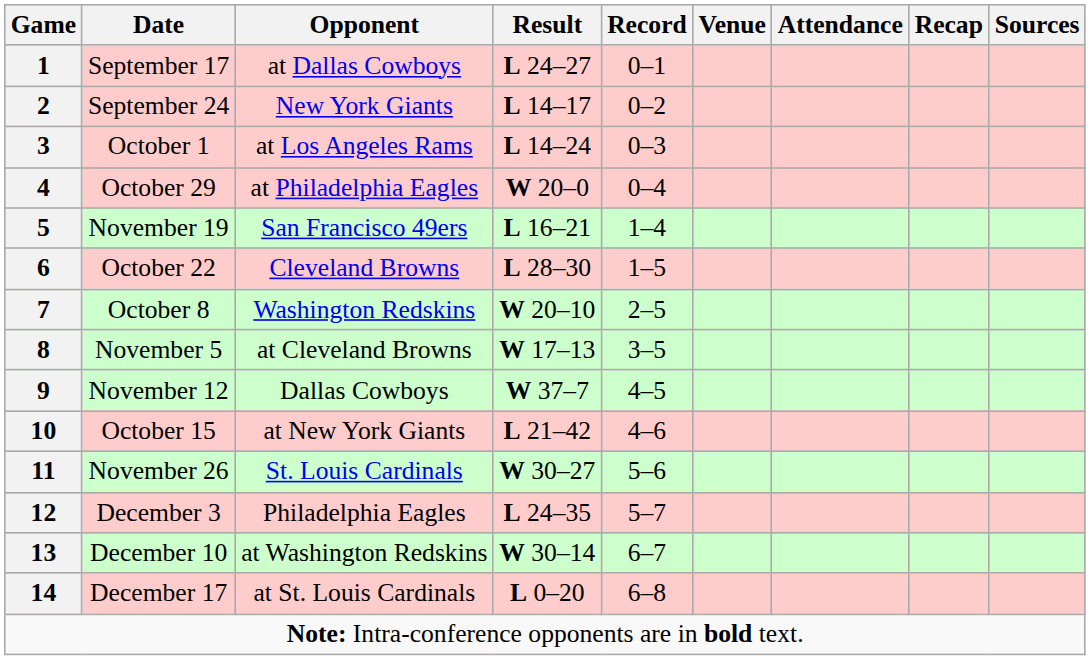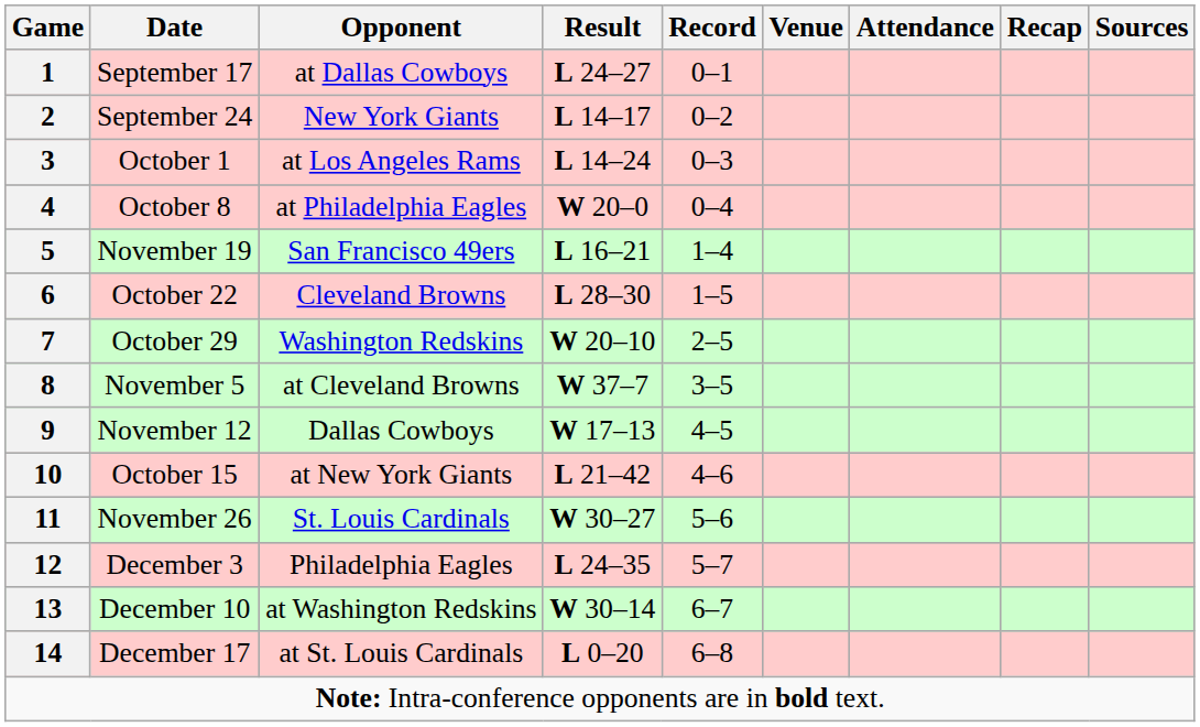 <table class="wikitable" style="text-align:center">
 <tr>
 <th>Game</th>
 <th>Date</th>
 <th>Opponent</th>
 <th>Result</th>
 <th>Record</th>
 <th>Venue</th>
 <th>Attendance</th>
 <th>Recap</th>
 <th>Sources</th>
 </tr>
 <tr style="background:#fcc">
 <th>1</th>
 <td>September 17</td>
 <td>at <a href='#'>Dallas Cowboys</a></td>
 <td><strong>L</strong> 24–27</td>
 <td>0–1</td>
 <td></td>
 <td></td>
 <td></td>
 <td></td>
 </tr>
 <tr style="background:#fcc">
 <th>2</th>
 <td>September 24</td>
 <td><a href='#'>New York Giants</a></td>
 <td><strong>L</strong> 14–17</td>
 <td>0–2</td>
 <td></td>
 <td></td>
 <td></td>
 <td></td>
 </tr>
 <tr style="background:#fcc">
 <th>3</th>
 <td>October 1</td>
 <td>at <a href='#'>Los Angeles Rams</a></td>
 <td><strong>L</strong> 14–24</td>
 <td>0–3</td>
 <td></td>
 <td></td>
 <td></td>
 <td></td>
 </tr>
 <tr style="background:#fcc">
 <th>4</th>
-<td>October 29</td>
+<td>October 8</td>
 <td>at <a href='#'>Philadelphia Eagles</a></td>
 <td><strong>W</strong> 20–0</td>
 <td>0–4</td>
 <td></td>
 <td></td>
 <td></td>
 <td></td>
 </tr>
 <tr style="background:#cfc">
 <th>5</th>
 <td>November 19</td>
 <td><a href='#'>San Francisco 49ers</a></td>
 <td><strong>L</strong> 16–21</td>
 <td>1–4</td>
 <td></td>
 <td></td>
 <td></td>
 <td></td>
 </tr>
 <tr style="background:#fcc">
 <th>6</th>
 <td>October 22</td>
 <td><a href='#'>Cleveland Browns</a></td>
 <td><strong>L</strong> 28–30</td>
 <td>1–5</td>
 <td></td>
 <td></td>
 <td></td>
 <td></td>
 </tr>
 <tr style="background:#cfc">
 <th>7</th>
-<td>October 8</td>
+<td>October 29</td>
 <td><a href='#'>Washington Redskins</a></td>
 <td><strong>W</strong> 20–10</td>
 <td>2–5</td>
 <td></td>
 <td></td>
 <td></td>
 <td></td>
 </tr>
 <tr style="background:#cfc">
 <th>8</th>
 <td>November 5</td>
 <td>at Cleveland Browns</td>
-<td><strong>W</strong> 17–13</td>
+<td><strong>W</strong> 37–7</td>
 <td>3–5</td>
 <td></td>
 <td></td>
 <td></td>
 <td></td>
 </tr>
 <tr style="background:#cfc">
 <th>9</th>
 <td>November 12</td>
 <td>Dallas Cowboys</td>
-<td><strong>W</strong> 37–7</td>
+<td><strong>W</strong> 17–13</td>
 <td>4–5</td>
 <td></td>
 <td></td>
 <td></td>
 <td></td>
 </tr>
 <tr style="background:#fcc">
 <th>10</th>
 <td>October 15</td>
 <td>at New York Giants</td>
 <td><strong>L</strong> 21–42</td>
 <td>4–6</td>
 <td></td>
 <td></td>
 <td></td>
 <td></td>
 </tr>
 <tr style="background:#cfc">
 <th>11</th>
 <td>November 26</td>
 <td><a href='#'>St. Louis Cardinals</a></td>
 <td><strong>W</strong> 30–27</td>
 <td>5–6</td>
 <td></td>
 <td></td>
 <td></td>
 <td></td>
 </tr>
 <tr style="background:#fcc">
 <th>12</th>
 <td>December 3</td>
 <td>Philadelphia Eagles</td>
 <td><strong>L</strong> 24–35</td>
 <td>5–7</td>
 <td></td>
 <td></td>
 <td></td>
 <td></td>
 </tr>
 <tr style="background:#cfc">
 <th>13</th>
 <td>December 10</td>
 <td>at Washington Redskins</td>
 <td><strong>W</strong> 30–14</td>
 <td>6–7</td>
 <td></td>
 <td></td>
 <td></td>
 <td></td>
 </tr>
 <tr style="background:#fcc">
 <th>14</th>
 <td>December 17</td>
 <td>at St. Louis Cardinals</td>
 <td><strong>L</strong> 0–20</td>
 <td>6–8</td>
 <td></td>
 <td></td>
 <td></td>
 <td></td>
 </tr>
 <tr>
 <td colspan="10"><strong>Note:</strong> Intra-conference opponents are in <strong>bold</strong> text.</td>
 </tr>
 </table>
